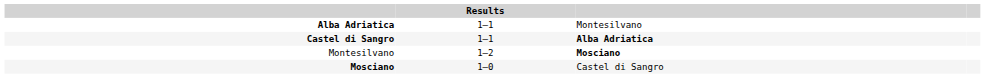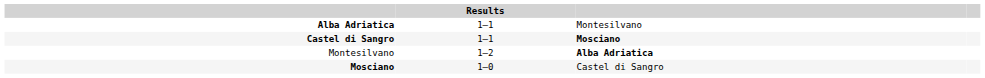 <table align=center style="font-size: 85%; border-collapse:collapse" border=0 cellspacing=0 cellpadding=2 width=60%>
 <tr bgcolor="D3D3D3">
 <th align=right></th>
 <th align=center>Results</th>
 <th align=left></th>
 <th align=center></th>
 </tr>
 <tr bgcolor=#FFFFFF>
 <td align=right><strong>Alba Adriatica</strong></td>
 <td align=center>1–1</td>
 <td>Montesilvano</td>
 <td align=center></td>
 </tr>
 <tr bgcolor=#F5F5F5>
 <td align=right><strong>Castel di Sangro</strong></td>
 <td align=center>1–1</td>
-<td><strong>Alba Adriatica</strong></td>
+<td><strong>Mosciano</strong></td>
 <td align=center></td>
 </tr>
 <tr bgcolor=#FFFFFF>
 <td align=right>Montesilvano</td>
 <td align=center>1–2</td>
-<td><strong>Mosciano</strong></td>
+<td><strong>Alba Adriatica</strong></td>
 <td align=center></td>
 </tr>
 <tr bgcolor=#F5F5F5>
 <td align=right><strong>Mosciano</strong></td>
 <td align=center>1–0</td>
 <td>Castel di Sangro</td>
 <td align=center></td>
 </tr>
 </table>
